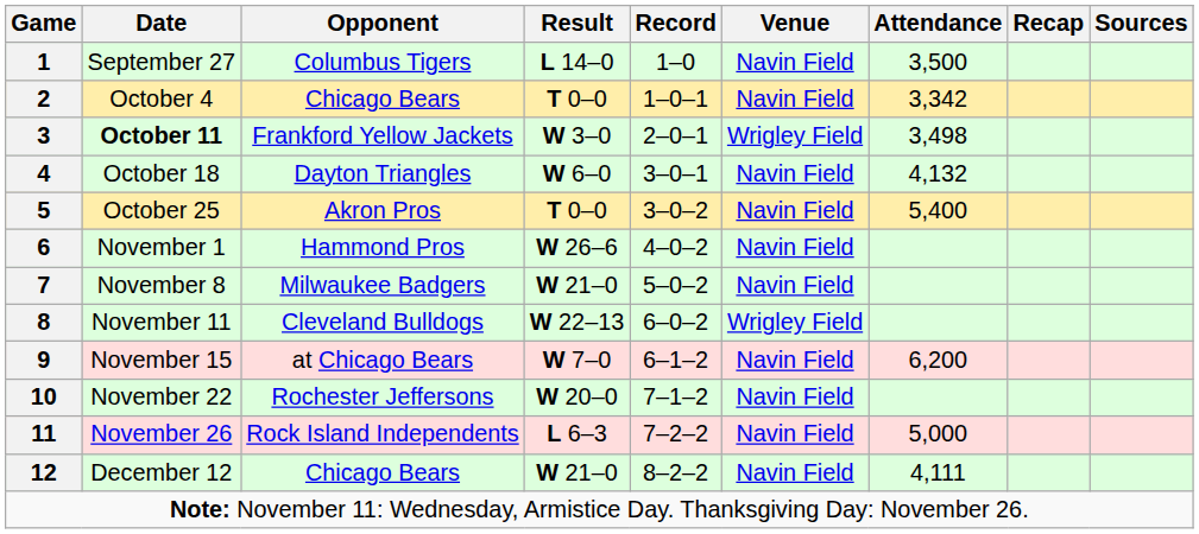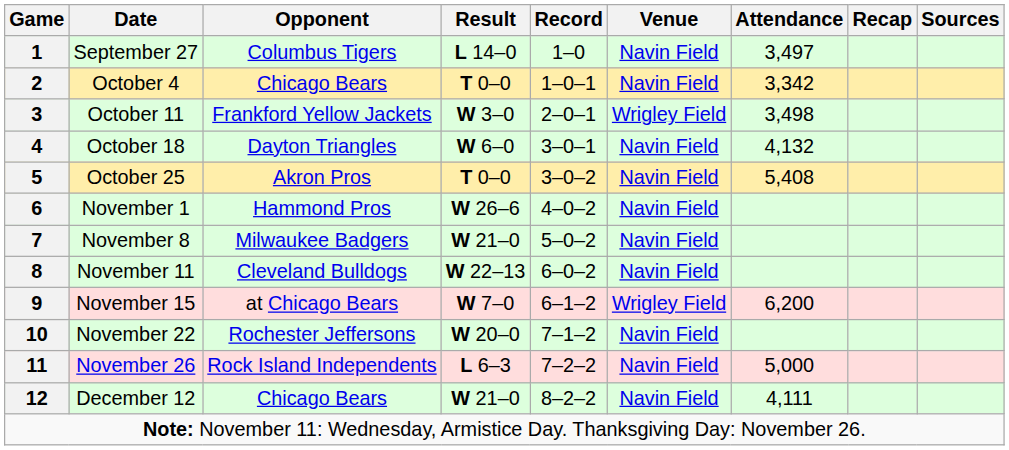 <table class="wikitable" style="text-align:center">
 <tr>
 <th>Game</th>
 <th>Date</th>
 <th>Opponent</th>
 <th>Result</th>
 <th>Record</th>
 <th>Venue</th>
 <th>Attendance</th>
 <th>Recap</th>
 <th>Sources</th>
 </tr>
 <tr style="background: #ddffdd;">
 <th>1</th>
 <td>September 27</td>
 <td><a href='#'>Columbus Tigers</a></td>
 <td><strong>L</strong> 14–0</td>
 <td>1–0</td>
 <td><a href='#'>Navin Field</a></td>
-<td>3,500</td>
+<td>3,497</td>
 <td></td>
 <td></td>
 </tr>
 <tr style="background: #ffeeaa;">
 <th>2</th>
 <td>October 4</td>
 <td><a href='#'>Chicago Bears</a></td>
 <td><strong>T</strong> 0–0</td>
 <td>1–0–1</td>
 <td><a href='#'>Navin Field</a></td>
 <td>3,342</td>
 <td></td>
 <td></td>
 </tr>
 <tr style="background: #ddffdd;">
 <th>3</th>
-<td><strong>October 11</strong></td>
+<td>October 11</td>
 <td><a href='#'>Frankford Yellow Jackets</a></td>
 <td><strong>W</strong> 3–0</td>
 <td>2–0–1</td>
 <td><a href='#'>Wrigley Field</a></td>
 <td>3,498</td>
 <td></td>
 <td></td>
 </tr>
 <tr style="background: #ddffdd;">
 <th>4</th>
 <td>October 18</td>
 <td><a href='#'>Dayton Triangles</a></td>
 <td><strong>W</strong> 6–0</td>
 <td>3–0–1</td>
 <td><a href='#'>Navin Field</a></td>
 <td>4,132</td>
 <td></td>
 <td></td>
 </tr>
 <tr style="background: #ffeeaa;">
 <th>5</th>
 <td>October 25</td>
 <td><a href='#'>Akron Pros</a></td>
 <td><strong>T</strong> 0–0</td>
 <td>3–0–2</td>
 <td><a href='#'>Navin Field</a></td>
-<td>5,400</td>
+<td>5,408</td>
 <td></td>
 <td></td>
 </tr>
 <tr style="background: #ddffdd;">
 <th>6</th>
 <td>November 1</td>
 <td><a href='#'>Hammond Pros</a></td>
 <td><strong>W</strong> 26–6</td>
 <td>4–0–2</td>
 <td><a href='#'>Navin Field</a></td>
 <td></td>
 <td></td>
 <td></td>
 </tr>
 <tr style="background: #ddffdd;">
 <th>7</th>
 <td>November 8</td>
 <td><a href='#'>Milwaukee Badgers</a></td>
 <td><strong>W</strong> 21–0</td>
 <td>5–0–2</td>
 <td><a href='#'>Navin Field</a></td>
 <td></td>
 <td></td>
 <td></td>
 </tr>
 <tr style="background: #ddffdd;">
 <th>8</th>
 <td>November 11</td>
 <td><a href='#'>Cleveland Bulldogs</a></td>
 <td><strong>W</strong> 22–13</td>
 <td>6–0–2</td>
-<td><a href='#'>Wrigley Field</a></td>
+<td><a href='#'>Navin Field</a></td>
 <td></td>
 <td></td>
 <td></td>
 </tr>
 <tr style="background: #ffdddd;">
 <th>9</th>
 <td>November 15</td>
 <td>at <a href='#'>Chicago Bears</a></td>
 <td><strong>W</strong> 7–0</td>
 <td>6–1–2</td>
-<td><a href='#'>Navin Field</a></td>
+<td><a href='#'>Wrigley Field</a></td>
 <td>6,200</td>
 <td></td>
 <td></td>
 </tr>
 <tr style="background: #ddffdd;">
 <th>10</th>
 <td>November 22</td>
 <td><a href='#'>Rochester Jeffersons</a></td>
 <td><strong>W</strong> 20–0</td>
 <td>7–1–2</td>
 <td><a href='#'>Navin Field</a></td>
 <td></td>
 <td></td>
 <td></td>
 </tr>
 <tr style="background: #ffdddd;">
 <th>11</th>
 <td><a href='#'>November 26</a></td>
 <td><a href='#'>Rock Island Independents</a></td>
 <td><strong>L</strong> 6–3</td>
 <td>7–2–2</td>
 <td><a href='#'>Navin Field</a></td>
 <td>5,000</td>
 <td></td>
 <td></td>
 </tr>
 <tr style="background: #ddffdd;">
 <th>12</th>
 <td>December 12</td>
 <td><a href='#'>Chicago Bears</a></td>
 <td><strong>W</strong> 21–0</td>
 <td>8–2–2</td>
 <td><a href='#'>Navin Field</a></td>
 <td>4,111 </td>
 <td></td>
 <td></td>
 </tr>
 <tr>
 <td colspan="10"><strong>Note:</strong> November 11: Wednesday, Armistice Day. Thanksgiving Day: November 26.</td>
 </tr>
 </table>
